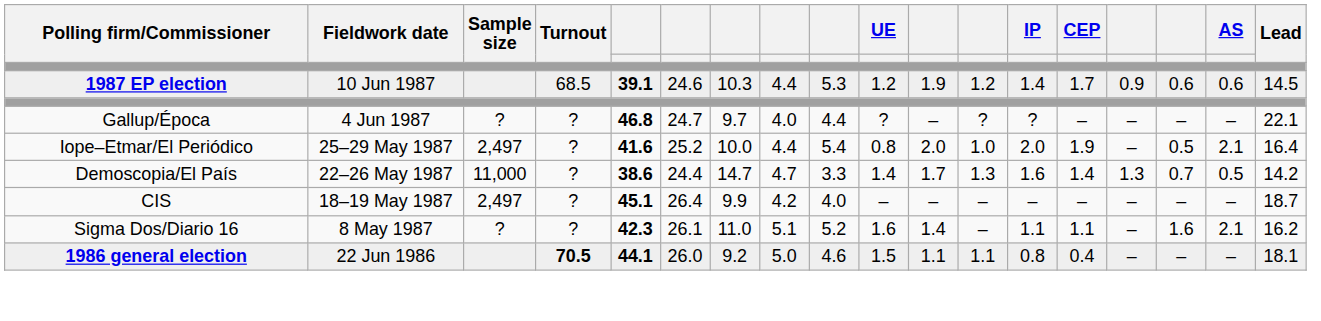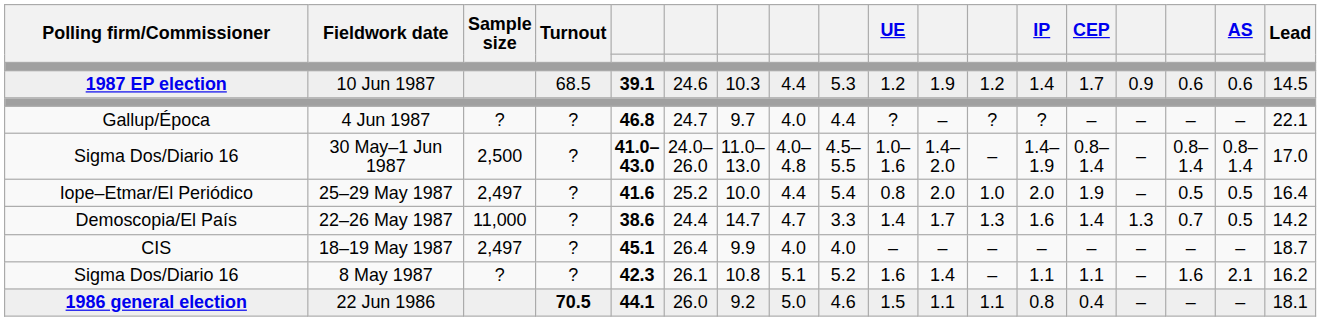 <table class="wikitable collapsible collapsed" style="text-align:center; font-size:95%; line-height:16px;">
 <tr style="height:42px;">
 <th style="width:250px;" rowspan="2">Polling firm/Commissioner</th>
 <th style="width:125px;" rowspan="2">Fieldwork date</th>
 <th style="width:50px;" rowspan="2">Sample size</th>
 <th style="width:45px;" rowspan="2">Turnout</th>
 <th style="width:35px;"></th>
 <th style="width:35px;"></th>
 <th style="width:35px;"></th>
 <th style="width:35px;"></th>
 <th style="width:35px;"></th>
 <th style="width:35px;"><a href='#'>UE</a></th>
 <th style="width:35px;"></th>
 <th style="width:35px;"></th>
 <th style="width:35px;"><a href='#'>IP</a></th>
 <th style="width:35px;"><a href='#'>CEP</a></th>
 <th style="width:35px;"></th>
 <th style="width:35px;"></th>
 <th style="width:35px;"><a href='#'>AS</a></th>
 <th style="width:30px;" rowspan="2">Lead</th>
 </tr>
 <tr>
 <th style="color:inherit;background:"></th>
 <th style="color:inherit;background:"></th>
 <th style="color:inherit;background:"></th>
 <th style="color:inherit;background:"></th>
 <th style="color:inherit;background:"></th>
 <th style="color:inherit;background:"></th>
 <th style="color:inherit;background:"></th>
 <th style="color:inherit;background:"></th>
 <th style="color:inherit;background:"></th>
 <th style="color:inherit;background:"></th>
 <th style="color:inherit;background:"></th>
 <th style="color:inherit;background:"></th>
 <th style="color:inherit;background:"></th>
 </tr>
 <tr>
 <td colspan="18" style="background:#A0A0A0"></td>
 </tr>
 <tr style="background:#EFEFEF;">
 <td><strong><a href='#'>1987 EP election</a></strong></td>
 <td>10 Jun 1987</td>
 <td></td>
 <td>68.5</td>
 <td><strong>39.1</strong><br></td>
 <td>24.6<br></td>
 <td>10.3<br></td>
 <td>4.4<br></td>
 <td>5.3<br></td>
 <td>1.2<br></td>
 <td>1.9<br></td>
 <td>1.2<br></td>
 <td>1.4<br></td>
 <td>1.7<br></td>
 <td>0.9<br></td>
 <td>0.6<br></td>
 <td>0.6<br></td>
 <td style="background:">14.5</td>
 </tr>
 <tr>
 <td colspan="18" style="background:#A0A0A0"></td>
 </tr>
 <tr>
 <td>Gallup/Época</td>
 <td>4 Jun 1987</td>
 <td>?</td>
 <td>?</td>
 <td><strong>46.8</strong><br></td>
 <td>24.7<br></td>
 <td>9.7<br></td>
 <td>4.0<br></td>
 <td>4.4<br></td>
 <td>?<br></td>
 <td>–</td>
 <td>?<br></td>
 <td>?<br></td>
 <td>–</td>
 <td>–</td>
 <td>–</td>
 <td>–</td>
 <td style="background:">22.1</td>
 </tr>
 <tr>
+<td>Sigma Dos/Diario 16</td>
+<td>30 May–1 Jun 1987</td>
+<td>2,500</td>
+<td>?</td>
+<td><strong>41.0–<br>43.0</strong><br></td>
+<td>24.0–<br>26.0<br></td>
+<td>11.0–<br>13.0<br></td>
+<td>4.0–<br>4.8<br></td>
+<td>4.5–<br>5.5<br></td>
+<td>1.0–<br>1.6<br></td>
+<td>1.4–<br>2.0<br></td>
+<td>–</td>
+<td>1.4–<br>1.9<br></td>
+<td>0.8–<br>1.4<br></td>
+<td>–</td>
+<td>0.8–<br>1.4<br></td>
+<td>0.8–<br>1.4<br></td>
+<td style="background:">17.0</td>
+</tr>
+<tr>
 <td>Iope–Etmar/El Periódico</td>
 <td>25–29 May 1987</td>
 <td>2,497</td>
 <td>?</td>
 <td><strong>41.6</strong><br></td>
 <td>25.2<br></td>
 <td>10.0<br></td>
 <td>4.4<br></td>
 <td>5.4<br></td>
 <td>0.8<br></td>
 <td>2.0<br></td>
 <td>1.0<br></td>
 <td>2.0<br></td>
 <td>1.9<br></td>
 <td>–</td>
 <td>0.5<br></td>
-<td>2.1<br></td>
+<td>0.5<br></td>
 <td style="background:">16.4</td>
 </tr>
 <tr>
 <td>Demoscopia/El País</td>
 <td>22–26 May 1987</td>
 <td>11,000</td>
 <td>?</td>
 <td><strong>38.6</strong><br></td>
 <td>24.4<br></td>
 <td>14.7<br></td>
 <td>4.7<br></td>
 <td>3.3<br></td>
 <td>1.4<br></td>
 <td>1.7<br></td>
 <td>1.3<br></td>
 <td>1.6<br></td>
 <td>1.4<br></td>
 <td>1.3<br></td>
 <td>0.7<br></td>
 <td>0.5<br></td>
 <td style="background:">14.2</td>
 </tr>
 <tr>
 <td>CIS</td>
 <td>18–19 May 1987</td>
 <td>2,497</td>
 <td>?</td>
 <td><strong>45.1</strong><br></td>
 <td>26.4<br></td>
 <td>9.9<br></td>
-<td>4.2<br></td>
+<td>4.0<br></td>
 <td>4.0<br></td>
 <td>–</td>
 <td>–</td>
 <td>–</td>
 <td>–</td>
 <td>–</td>
 <td>–</td>
 <td>–</td>
 <td>–</td>
 <td style="background:">18.7</td>
 </tr>
 <tr>
 <td>Sigma Dos/Diario 16</td>
 <td>8 May 1987</td>
 <td>?</td>
 <td>?</td>
 <td><strong>42.3</strong><br></td>
 <td>26.1<br></td>
-<td>11.0<br></td>
+<td>10.8<br></td>
 <td>5.1<br></td>
 <td>5.2<br></td>
 <td>1.6<br></td>
 <td>1.4<br></td>
 <td>–</td>
 <td>1.1<br></td>
 <td>1.1<br></td>
 <td>–</td>
 <td>1.6<br></td>
 <td>2.1<br></td>
 <td style="background:">16.2</td>
 </tr>
 <tr style="background:#EFEFEF;">
 <td><strong><a href='#'>1986 general election</a></strong></td>
 <td>22 Jun 1986</td>
 <td></td>
 <td><strong>70.5</strong></td>
 <td><strong>44.1</strong><br></td>
 <td>26.0<br></td>
 <td>9.2<br></td>
 <td>5.0<br></td>
 <td>4.6<br></td>
 <td>1.5<br></td>
 <td>1.1<br></td>
 <td>1.1<br></td>
 <td>0.8<br></td>
 <td>0.4<br></td>
 <td>–</td>
 <td>–</td>
 <td>–</td>
 <td style="background:">18.1</td>
 </tr>
 </table>
